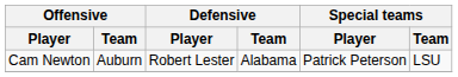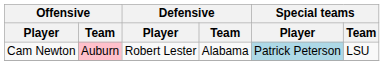 <table class="wikitable" border="1">
 <tr>
 <th colspan="2">Offensive</th>
 <th colspan="2">Defensive</th>
 <th colspan="2">Special teams</th>
 </tr>
 <tr>
 <th>Player</th>
 <th>Team</th>
 <th>Player</th>
 <th>Team</th>
 <th>Player</th>
 <th>Team</th>
 </tr>
 <tr>
 <td>Cam Newton</td>
-<td>Auburn</td>
+<td style="background: pink;">Auburn</td>
 <td>Robert Lester</td>
 <td>Alabama</td>
-<td>Patrick Peterson</td>
+<td style="background: lightblue;">Patrick Peterson</td>
 <td>LSU</td>
 </tr>
 <tr>
 </tr>
 </table>
